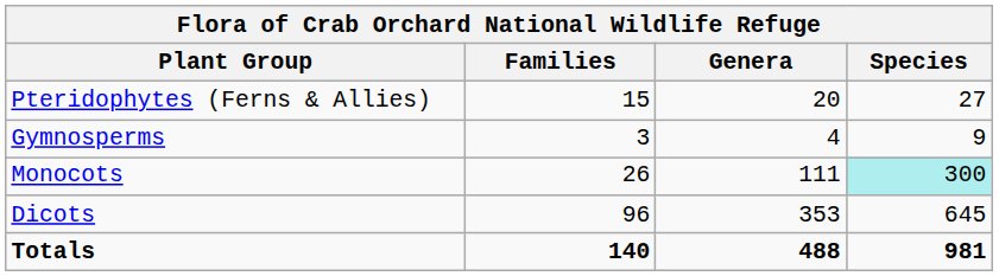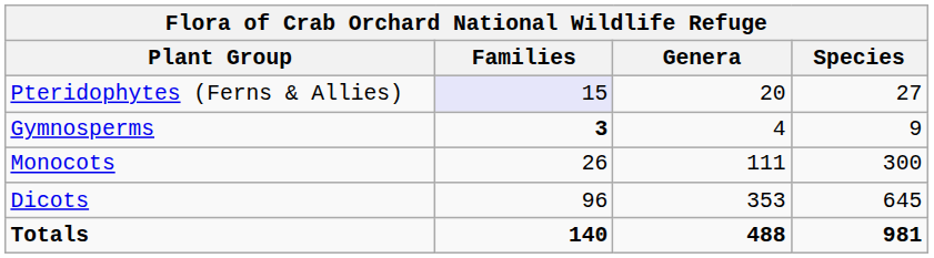 <table class="wikitable sortable">
 <tr>
 <th rowwidth=100px colspan=5>Flora of Crab Orchard National Wildlife Refuge</th>
 </tr>
 <tr>
 <th scope="col" width="250px">Plant Group</th>
 <th scope="col" width="100px">Families</th>
 <th scope="col" width="100px">Genera</th>
 <th scope="col" width="75px">Species</th>
 </tr>
 <tr>
 <td><a href='#'>Pteridophytes</a> (Ferns & Allies)</td>
-<td align="right">15</td>
+<td align="right" style="background: lavender;">15</td>
 <td align="right">20</td>
 <td align="right">27</td>
 </tr>
 <tr>
 <td><a href='#'>Gymnosperms</a></td>
-<td align="right">3</td>
+<td align="right"><strong>3</strong></td>
 <td align="right">4</td>
 <td align="right">9</td>
 </tr>
 <tr>
 <td><a href='#'>Monocots</a></td>
 <td align="right">26</td>
 <td align="right">111</td>
-<td align="right" style="background: paleturquoise;">300</td>
+<td align="right">300</td>
 </tr>
 <tr>
 <td><a href='#'>Dicots</a></td>
 <td align="right">96</td>
 <td align="right">353</td>
 <td align="right">645</td>
 </tr>
 <tr>
 <td><strong>Totals</strong></td>
 <td align="right"><strong>140</strong></td>
 <td align="right"><strong>488</strong></td>
 <td align="right"><strong>981</strong></td>
 </tr>
 </table>
